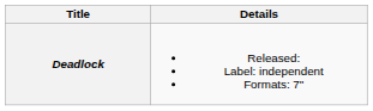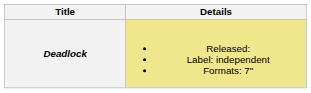 <table class="wikitable plainrowheaders" style="text-align:center;">
 <tr>
 <th scope="col" style="width:12em;">Title</th>
 <th scope="col" style="width:18em;">Details</th>
 </tr>
 <tr>
 <th scope="row"><em>Deadlock</em></th>
-<td><br><ul><li>Released: </li><li>Label: independent</li><li>Formats: 7"</li></ul></td>
+<td style="background: khaki;"><br><ul><li>Released: </li><li>Label: independent</li><li>Formats: 7"</li></ul></td>
 </tr>
 </table>
